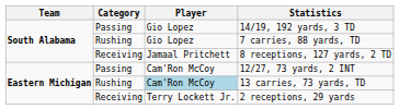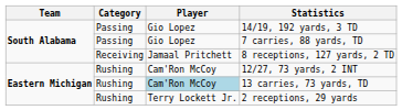 <table class="wikitable" style="float: right;">
 <tr>
 <th>Team</th>
 <th>Category</th>
 <th>Player</th>
 <th>Statistics</th>
 </tr>
 <tr>
 <td rowspan=3><strong>South Alabama</strong></td>
 <td>Passing</td>
 <td>Gio Lopez</td>
 <td>14/19, 192 yards, 3 TD</td>
 </tr>
 <tr>
-<td>Rushing</td>
+<td>Passing</td>
 <td>Gio Lopez</td>
 <td>7 carries, 88 yards, TD</td>
 </tr>
 <tr>
 <td>Receiving</td>
 <td>Jamaal Pritchett</td>
 <td>8 receptions, 127 yards, 2 TD</td>
 </tr>
 <tr>
 <td rowspan=3><strong>Eastern Michigan</strong></td>
-<td>Passing</td>
+<td>Rushing</td>
 <td>Cam'Ron McCoy</td>
 <td>12/27, 73 yards, 2 INT</td>
 </tr>
 <tr>
 <td>Rushing</td>
 <td style="background: lightblue;">Cam'Ron McCoy</td>
 <td>13 carries, 73 yards, TD</td>
 </tr>
 <tr>
-<td>Receiving</td>
+<td>Rushing</td>
 <td>Terry Lockett Jr.</td>
 <td>2 receptions, 29 yards</td>
 </tr>
 </table>
